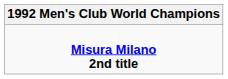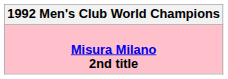 <table class="wikitable" style="text-align:center; margin:auto">
 <tr>
 <th>1992 Men's Club World Champions</th>
 </tr>
 <tr>
-<td><br><strong><a href='#'>Misura Milano</a></strong><br><strong>2nd title</strong></td>
+<td style="background: pink;"><br><strong><a href='#'>Misura Milano</a></strong><br><strong>2nd title</strong></td>
 </tr>
 </table>
